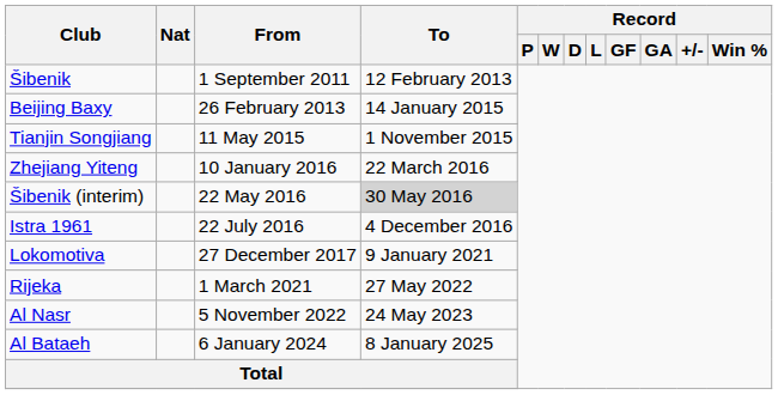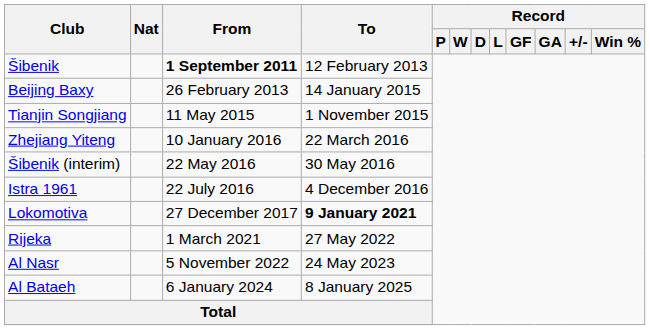 <table class="wikitable" style="text-align: center">
 <tr>
 <th rowspan=2>Club</th>
 <th rowspan=2>Nat</th>
 <th rowspan=2>From</th>
 <th rowspan=2>To</th>
 <th colspan=10>Record</th>
 </tr>
 <tr>
 <th>P</th>
 <th>W</th>
 <th>D</th>
 <th>L</th>
 <th>GF</th>
 <th>GA</th>
 <th>+/-</th>
 <th>Win %</th>
 </tr>
 <tr>
 <td align=left><a href='#'>Šibenik</a></td>
 <td></td>
-<td align=left>1 September 2011</td>
+<td align=left><strong>1 September 2011</strong></td>
 <td align=left>12 February 2013<br></td>
 </tr>
 <tr>
 <td align=left><a href='#'>Beijing Baxy</a></td>
 <td></td>
 <td align=left>26 February 2013</td>
 <td align=left>14 January 2015<br></td>
 </tr>
 <tr>
 <td align=left><a href='#'>Tianjin Songjiang</a></td>
 <td></td>
 <td align=left>11 May 2015</td>
 <td align=left>1 November 2015<br></td>
 </tr>
 <tr>
 <td align=left><a href='#'>Zhejiang Yiteng</a></td>
 <td></td>
 <td align=left>10 January 2016</td>
 <td align=left>22 March 2016<br></td>
 </tr>
 <tr>
 <td align=left><a href='#'>Šibenik</a> (interim)</td>
 <td></td>
 <td align=left>22 May 2016</td>
-<td align=left style="background: lightgrey;">30 May 2016<br></td>
+<td align=left>30 May 2016<br></td>
 </tr>
 <tr>
 <td align=left><a href='#'>Istra 1961</a></td>
 <td></td>
 <td align=left>22 July 2016</td>
 <td align=left>4 December 2016<br></td>
 </tr>
 <tr>
 <td align=left><a href='#'>Lokomotiva</a></td>
 <td></td>
 <td align=left>27 December 2017</td>
-<td align=left>9 January 2021<br></td>
+<td align=left><strong>9 January 2021<br></strong></td>
 </tr>
 <tr>
 <td align=left><a href='#'>Rijeka</a></td>
 <td></td>
 <td align=left>1 March 2021</td>
 <td align=left>27 May 2022<br></td>
 </tr>
 <tr>
 <td align=left><a href='#'>Al Nasr</a></td>
 <td></td>
 <td align=left>5 November 2022</td>
 <td align=left>24 May 2023<br></td>
 </tr>
 <tr>
 <td align=left><a href='#'>Al Bataeh</a></td>
 <td></td>
 <td align=left>6 January 2024</td>
 <td align=left>8 January 2025<br></td>
 </tr>
 <tr>
 <th colspan=4>Total<br></th>
 </tr>
 <tr>
 </tr>
 </table>
